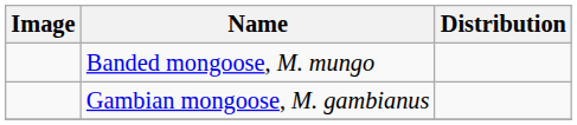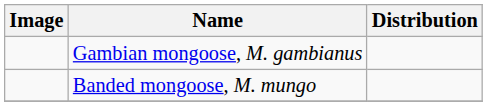 <table class="wikitable">
 <tr>
 <th>Image</th>
 <th>Name</th>
 <th>Distribution</th>
 </tr>
 <tr - style="vertical-align:top;">
 <td></td>
-<td><a href='#'>Banded mongoose</a>, <em>M. mungo</em> </td>
+<td><a href='#'>Gambian mongoose</a>, <em>M. gambianus</em> </td>
 <td></td>
 </tr>
 <tr - style="vertical-align:top;">
 <td></td>
-<td><a href='#'>Gambian mongoose</a>, <em>M. gambianus</em> </td>
+<td><a href='#'>Banded mongoose</a>, <em>M. mungo</em> </td>
 <td></td>
 </tr>
 <tr>
 </tr>
 </table>
